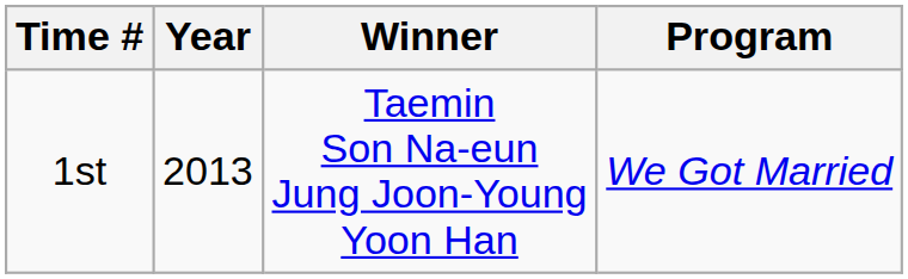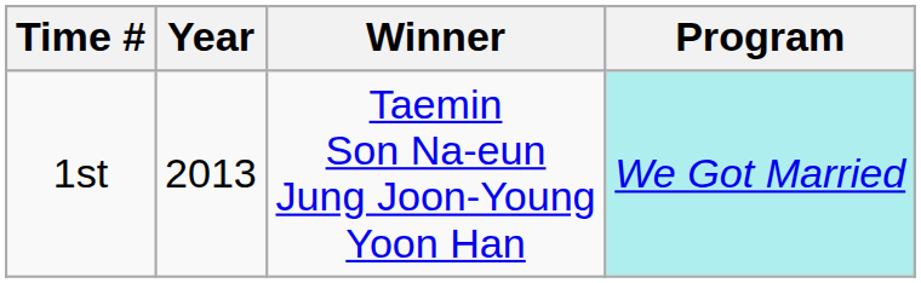 <table class="wikitable sortable" style="text-align:center">
 <tr>
 <th>Time #</th>
 <th>Year</th>
 <th>Winner</th>
 <th>Program</th>
 </tr>
 <tr>
 <td>1st</td>
 <td rowspan=3>2013</td>
 <td><a href='#'>Taemin</a> <br> <a href='#'>Son Na-eun</a><br> <a href='#'>Jung Joon-Young</a><br> <a href='#'>Yoon Han</a></td>
-<td><em><a href='#'>We Got Married</a></em></td>
+<td style="background: paleturquoise;"><em><a href='#'>We Got Married</a></em></td>
 </tr>
 </table>
